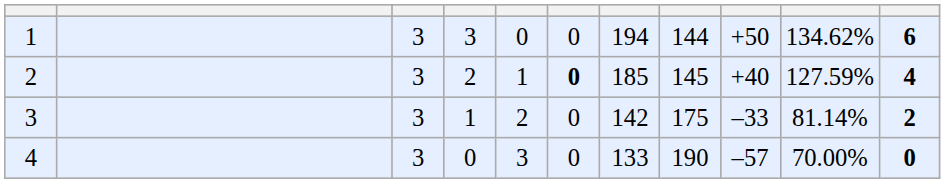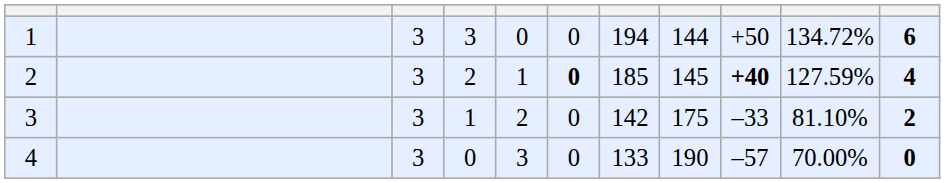 <table class="wikitable" style="text-align:center; font-size:95%">
 <tr>
 <th width="25"></th>
 <th width="200"></th>
 <th width="25"></th>
 <th width="25"></th>
 <th width="25"></th>
 <th width="25"></th>
 <th width="30"></th>
 <th width="30"></th>
 <th width="30"></th>
 <th width="30"></th>
 <th width="30"></th>
 </tr>
 <tr style="background:#e6efff">
 <td>1</td>
 <td style="text-align:left"></td>
 <td>3</td>
 <td>3</td>
 <td>0</td>
 <td>0</td>
 <td>194</td>
 <td>144</td>
 <td>+50</td>
-<td>134.62%</td>
+<td>134.72%</td>
 <td><strong>6</strong></td>
 </tr>
 <tr style="background:#e6efff">
 <td>2</td>
 <td style="text-align:left"></td>
 <td>3</td>
 <td>2</td>
 <td>1</td>
 <td><strong>0</strong></td>
 <td>185</td>
 <td>145</td>
-<td>+40</td>
+<td><strong>+40</strong></td>
 <td>127.59%</td>
 <td><strong>4</strong></td>
 </tr>
 <tr style="background:#e6efff">
 <td>3</td>
 <td style="text-align:left"></td>
 <td>3</td>
 <td>1</td>
 <td>2</td>
 <td>0</td>
 <td>142</td>
 <td>175</td>
 <td>–33</td>
-<td>81.14%</td>
+<td>81.10%</td>
 <td><strong>2</strong></td>
 </tr>
 <tr style="background:#e6efff">
 <td>4</td>
 <td style="text-align:left"></td>
 <td>3</td>
 <td>0</td>
 <td>3</td>
 <td>0</td>
 <td>133</td>
 <td>190</td>
 <td>–57</td>
 <td>70.00%</td>
 <td><strong>0</strong></td>
 </tr>
 </table>
